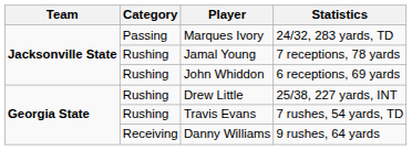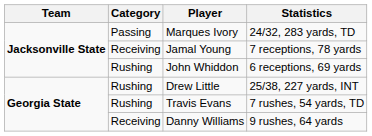 <table class="wikitable" style="float: right;">
 <tr>
 <th>Team</th>
 <th>Category</th>
 <th>Player</th>
 <th>Statistics</th>
 </tr>
 <tr>
 <td rowspan=3><strong>Jacksonville State</strong></td>
 <td>Passing</td>
 <td>Marques Ivory</td>
 <td>24/32, 283 yards, TD</td>
 </tr>
 <tr>
-<td>Rushing</td>
+<td>Receiving</td>
 <td>Jamal Young</td>
 <td>7 receptions, 78 yards</td>
 </tr>
 <tr>
 <td>Rushing</td>
 <td>John Whiddon</td>
 <td>6 receptions, 69 yards</td>
 </tr>
 <tr>
 <td rowspan=3><strong>Georgia State</strong></td>
 <td>Rushing</td>
 <td>Drew Little</td>
 <td>25/38, 227 yards, INT</td>
 </tr>
 <tr>
 <td>Rushing</td>
 <td>Travis Evans</td>
 <td>7 rushes, 54 yards, TD</td>
 </tr>
 <tr>
 <td>Receiving</td>
 <td>Danny Williams</td>
 <td>9 rushes, 64 yards</td>
 </tr>
 </table>
